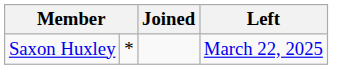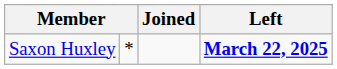 <table class="wikitable sortable" style="text-align:center;">
 <tr>
 <th colspan="2">Member</th>
 <th>Joined</th>
 <th>Left</th>
 </tr>
 <tr>
 <td><a href='#'>Saxon Huxley</a></td>
 <td>*</td>
 <td></td>
-<td><a href='#'>March 22, 2025</a></td>
+<td><strong><a href='#'>March 22, 2025</a></strong></td>
 </tr>
 </table>
